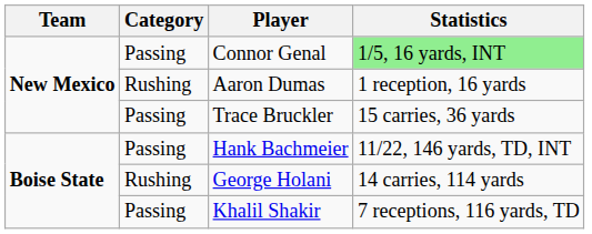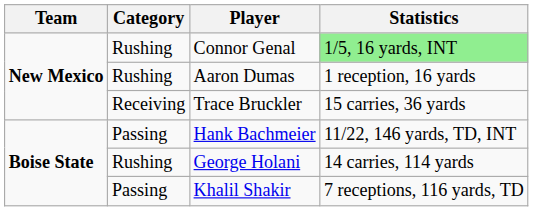 <table class="wikitable" style="float: left;">
 <tr>
 <th>Team</th>
 <th>Category</th>
 <th>Player</th>
 <th>Statistics</th>
 </tr>
 <tr>
 <td rowspan=3><strong>New Mexico</strong></td>
-<td>Passing</td>
+<td>Rushing</td>
 <td>Connor Genal</td>
 <td style="background: lightgreen;">1/5, 16 yards, INT</td>
 </tr>
 <tr>
 <td>Rushing</td>
 <td>Aaron Dumas</td>
 <td>1 reception, 16 yards</td>
 </tr>
 <tr>
-<td>Passing</td>
+<td>Receiving</td>
 <td>Trace Bruckler</td>
 <td>15 carries, 36 yards</td>
 </tr>
 <tr>
 <td rowspan=3><strong>Boise State</strong></td>
 <td>Passing</td>
 <td><a href='#'>Hank Bachmeier</a></td>
 <td>11/22, 146 yards, TD, INT</td>
 </tr>
 <tr>
 <td>Rushing</td>
 <td><a href='#'>George Holani</a></td>
 <td>14 carries, 114 yards</td>
 </tr>
 <tr>
 <td>Passing</td>
 <td><a href='#'>Khalil Shakir</a></td>
 <td>7 receptions, 116 yards, TD</td>
 </tr>
 </table>
